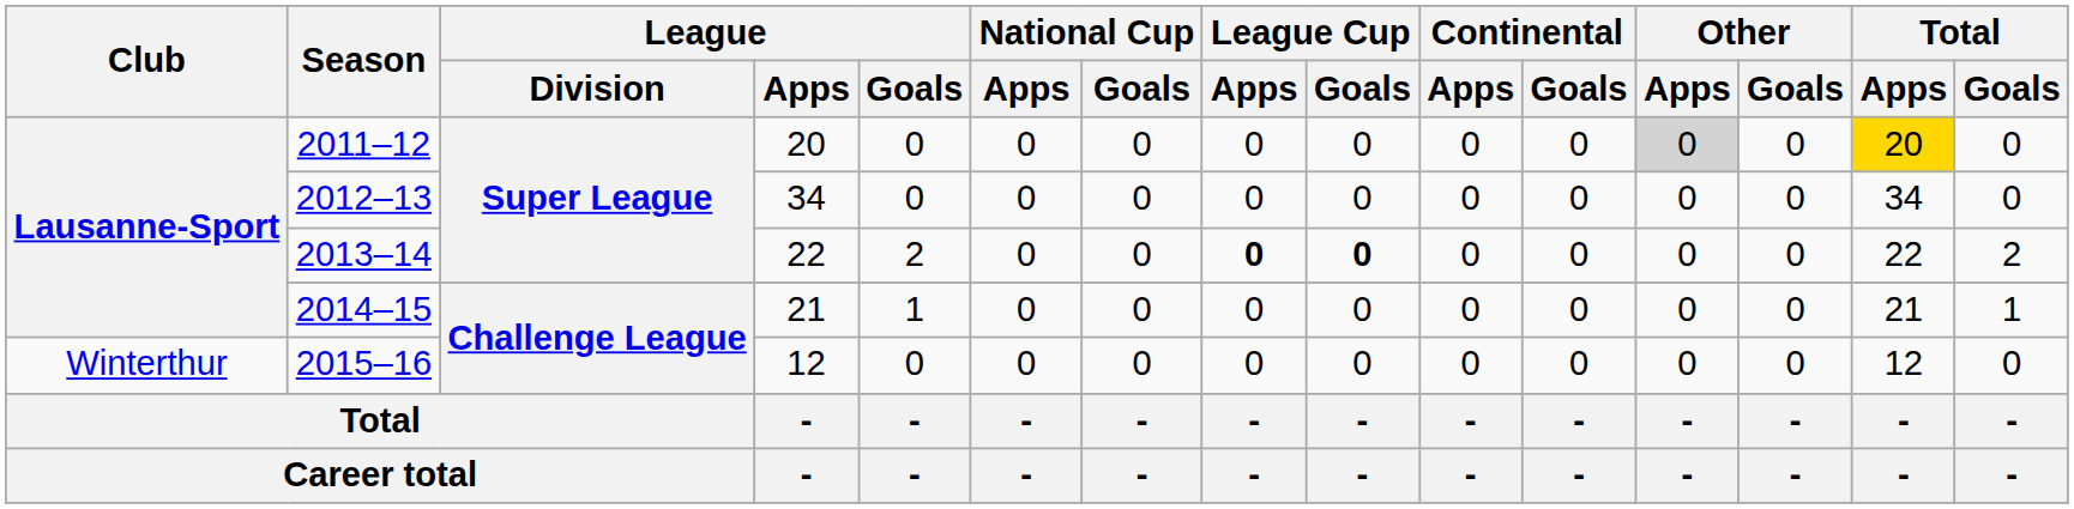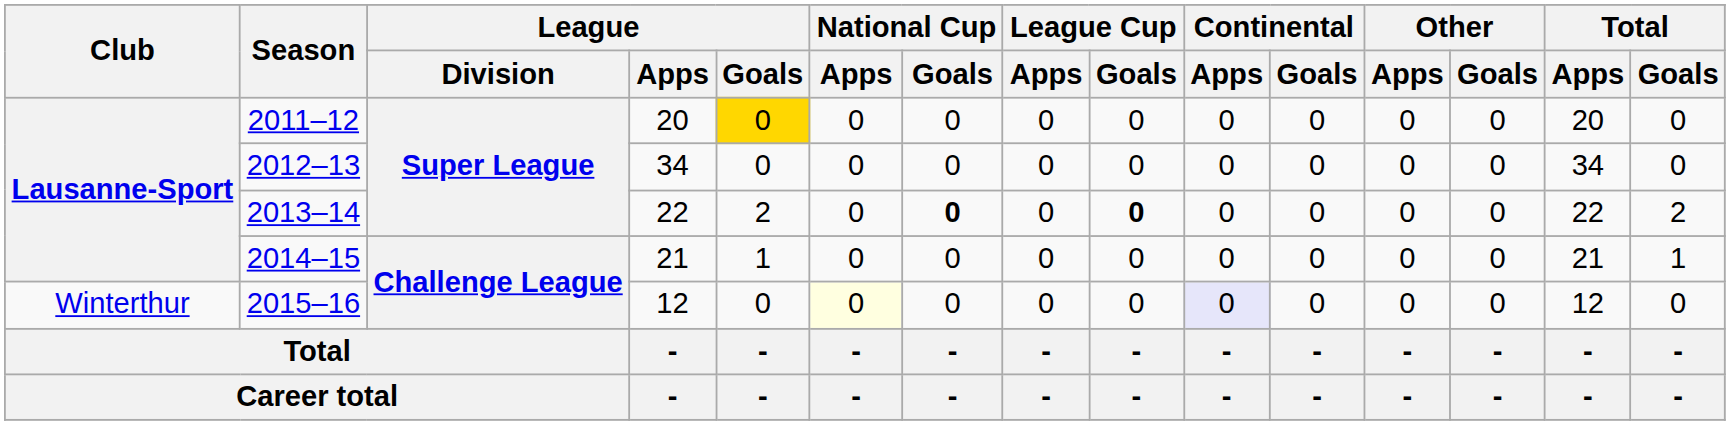 <table class="wikitable" style="text-align: center;">
 <tr>
 <th rowspan="2">Club</th>
 <th rowspan="2">Season</th>
 <th colspan="3">League</th>
 <th colspan="2">National Cup</th>
 <th colspan="2">League Cup</th>
 <th colspan="2">Continental</th>
 <th colspan="2">Other</th>
 <th colspan="2">Total</th>
 </tr>
 <tr>
 <th>Division</th>
 <th>Apps</th>
 <th>Goals</th>
 <th>Apps</th>
 <th>Goals</th>
 <th>Apps</th>
 <th>Goals</th>
 <th>Apps</th>
 <th>Goals</th>
 <th>Apps</th>
 <th>Goals</th>
 <th>Apps</th>
 <th>Goals</th>
 </tr>
 <tr>
 <th rowspan="4"><a href='#'>Lausanne-Sport</a></th>
 <td><a href='#'>2011–12</a></td>
 <th rowspan="3"><a href='#'>Super League</a></th>
 <td>20</td>
+<td style="background: gold;">0</td>
 <td>0</td>
 <td>0</td>
 <td>0</td>
 <td>0</td>
 <td>0</td>
 <td>0</td>
 <td>0</td>
-<td style="background: lightgrey;">0</td>
 <td>0</td>
-<td style="background: gold;">20</td>
+<td>20</td>
 <td>0</td>
 </tr>
 <tr>
 <td><a href='#'>2012–13</a></td>
 <td>34</td>
 <td>0</td>
 <td>0</td>
 <td>0</td>
 <td>0</td>
 <td>0</td>
 <td>0</td>
 <td>0</td>
 <td>0</td>
 <td>0</td>
 <td>34</td>
 <td>0</td>
 </tr>
 <tr>
 <td><a href='#'>2013–14</a></td>
 <td>22</td>
 <td>2</td>
 <td>0</td>
+<td><strong>0</strong></td>
 <td>0</td>
-<td><strong>0</strong></td>
 <td><strong>0</strong></td>
 <td>0</td>
 <td>0</td>
 <td>0</td>
 <td>0</td>
 <td>22</td>
 <td>2</td>
 </tr>
 <tr>
 <td><a href='#'>2014–15</a></td>
 <th rowspan="2"><a href='#'>Challenge League</a></th>
 <td>21</td>
 <td>1</td>
 <td>0</td>
 <td>0</td>
 <td>0</td>
 <td>0</td>
 <td>0</td>
 <td>0</td>
 <td>0</td>
 <td>0</td>
 <td>21</td>
 <td>1</td>
 </tr>
 <tr>
 <td><a href='#'>Winterthur</a></td>
 <td><a href='#'>2015–16</a></td>
 <td>12</td>
 <td>0</td>
+<td style="background: lightyellow;">0</td>
 <td>0</td>
 <td>0</td>
 <td>0</td>
-<td>0</td>
-<td>0</td>
+<td style="background: lavender;">0</td>
 <td>0</td>
 <td>0</td>
 <td>0</td>
 <td>12</td>
 <td>0</td>
 </tr>
 <tr>
 <th colspan="3">Total</th>
 <th>-</th>
 <th>-</th>
 <th>-</th>
 <th>-</th>
 <th>-</th>
 <th>-</th>
 <th>-</th>
 <th>-</th>
 <th>-</th>
 <th>-</th>
 <th>-</th>
 <th>-</th>
 </tr>
 <tr>
 <th colspan="3">Career total</th>
 <th>-</th>
 <th>-</th>
 <th>-</th>
 <th>-</th>
 <th>-</th>
 <th>-</th>
 <th>-</th>
 <th>-</th>
 <th>-</th>
 <th>-</th>
 <th>-</th>
 <th>-</th>
 </tr>
 </table>
